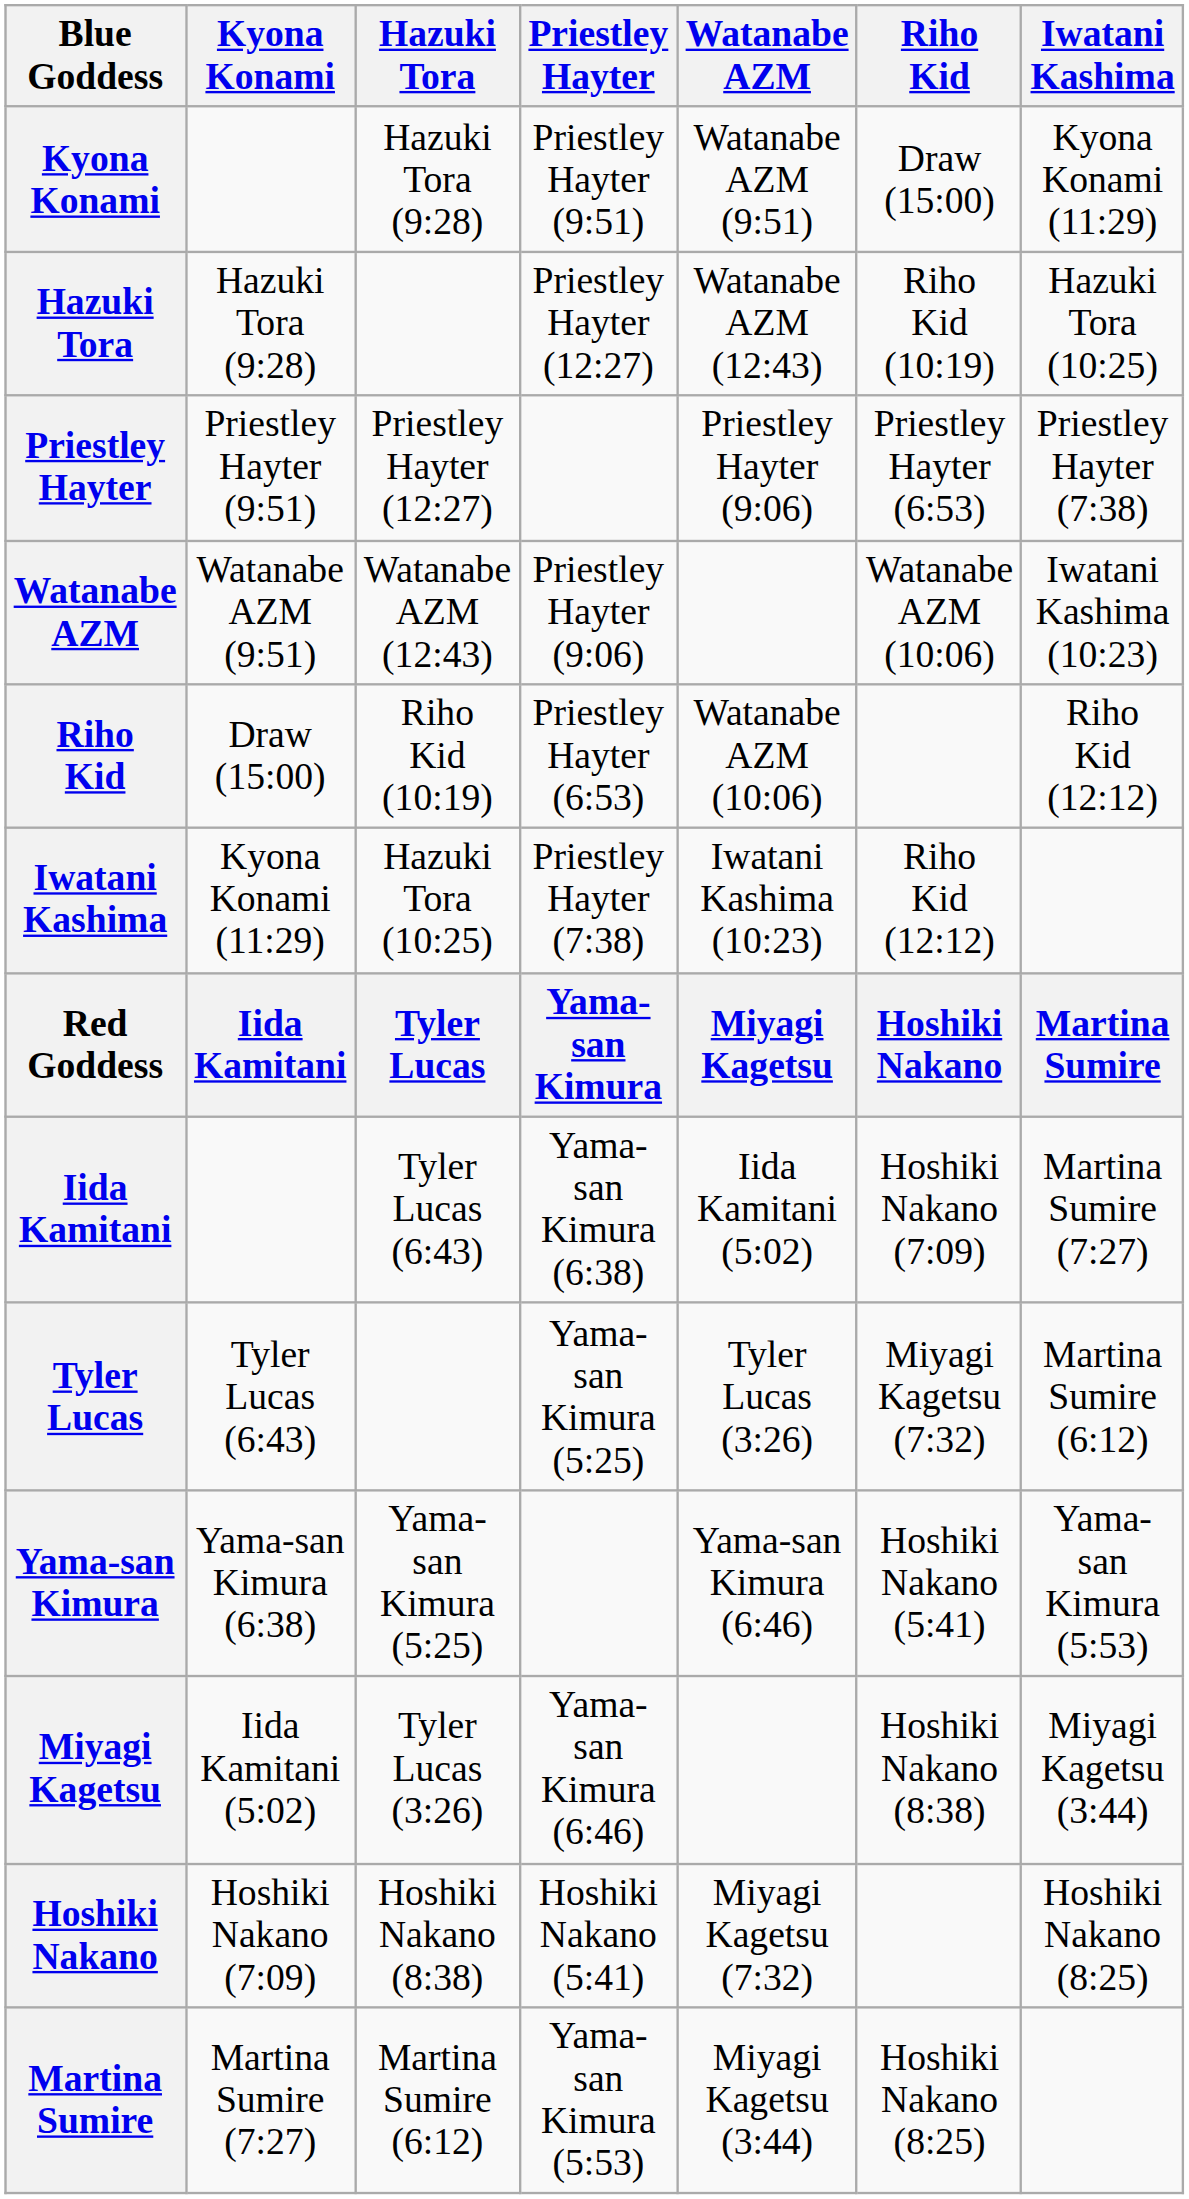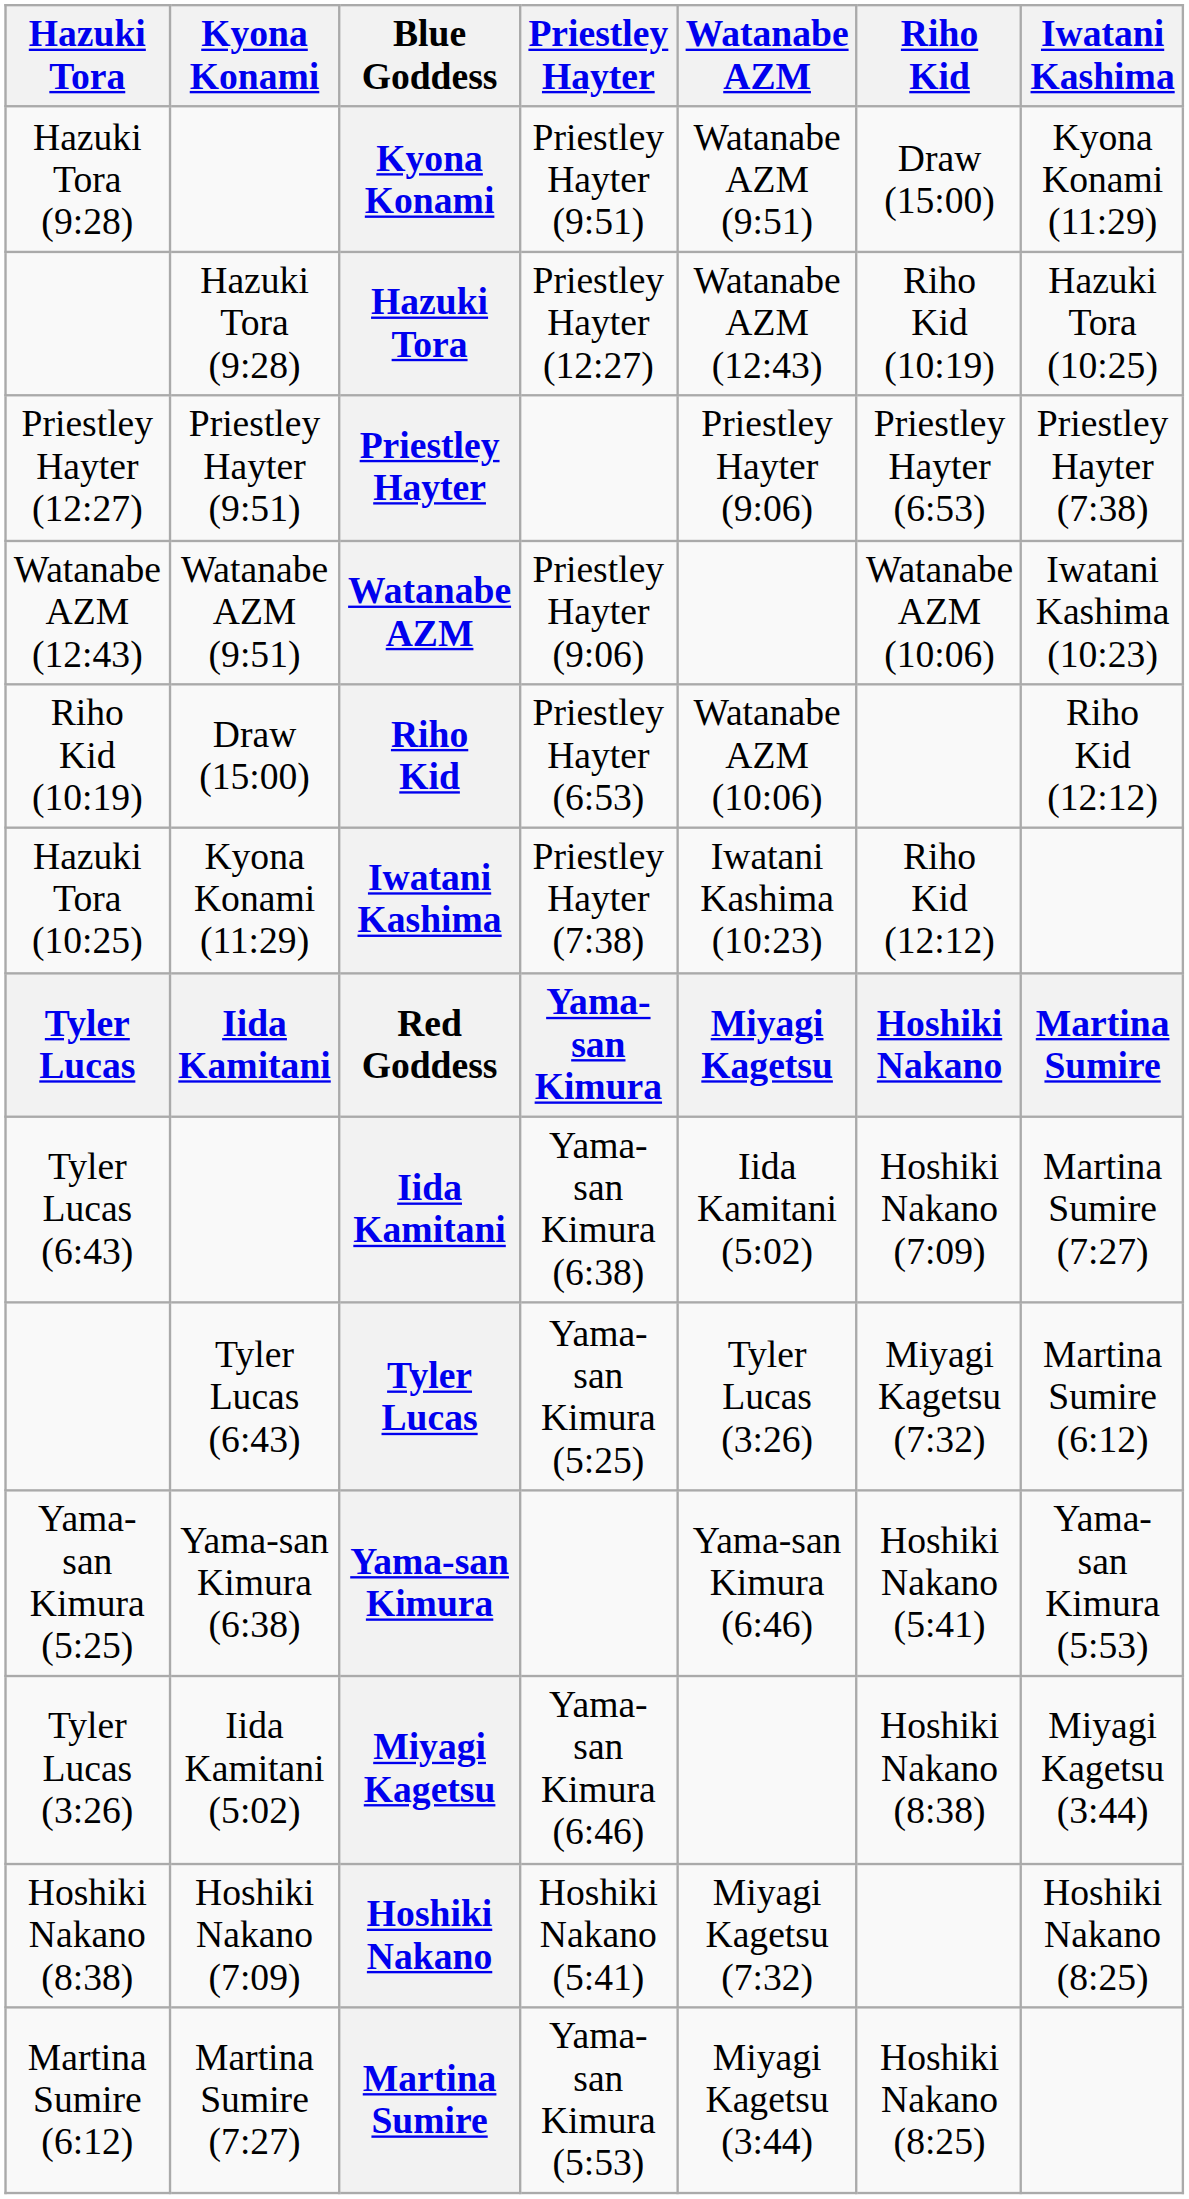 <table class="wikitable" style="text-align:center; margin: 1em auto 1em auto;" width="25%">
 <tr>
+<th><a href='#'>Hazuki</a><br><a href='#'>Tora</a></th>
+<th><a href='#'>Kyona</a><br><a href='#'>Konami</a></th>
 <th>Blue Goddess</th>
-<th><a href='#'>Kyona</a><br><a href='#'>Konami</a></th>
-<th><a href='#'>Hazuki</a><br><a href='#'>Tora</a></th>
 <th><a href='#'>Priestley</a><br><a href='#'>Hayter</a></th>
 <th><a href='#'>Watanabe</a><br><a href='#'>AZM</a></th>
 <th><a href='#'>Riho</a><br><a href='#'>Kid</a></th>
 <th><a href='#'>Iwatani</a><br><a href='#'>Kashima</a></th>
 </tr>
 <tr>
+<td>Hazuki<br>Tora<br>(9:28)</td>
+<td></td>
 <th><a href='#'>Kyona</a><br><a href='#'>Konami</a></th>
-<td></td>
-<td>Hazuki<br>Tora<br>(9:28)</td>
 <td>Priestley<br>Hayter<br>(9:51)</td>
 <td>Watanabe<br>AZM<br>(9:51)</td>
 <td>Draw<br>(15:00)</td>
 <td>Kyona<br>Konami<br>(11:29)</td>
 </tr>
 <tr>
+<td></td>
+<td>Hazuki<br>Tora<br>(9:28)</td>
 <th><a href='#'>Hazuki</a><br><a href='#'>Tora</a></th>
-<td>Hazuki<br>Tora<br>(9:28)</td>
-<td></td>
 <td>Priestley<br>Hayter<br>(12:27)</td>
 <td>Watanabe<br>AZM<br>(12:43)</td>
 <td>Riho<br>Kid<br>(10:19)</td>
 <td>Hazuki<br>Tora<br>(10:25)</td>
 </tr>
 <tr>
+<td>Priestley<br>Hayter<br>(12:27)</td>
+<td>Priestley<br>Hayter<br>(9:51)</td>
 <th><a href='#'>Priestley</a><br><a href='#'>Hayter</a></th>
-<td>Priestley<br>Hayter<br>(9:51)</td>
-<td>Priestley<br>Hayter<br>(12:27)</td>
 <td></td>
 <td>Priestley<br>Hayter<br>(9:06)</td>
 <td>Priestley<br>Hayter<br>(6:53)</td>
 <td>Priestley<br>Hayter<br>(7:38)</td>
 </tr>
 <tr>
+<td>Watanabe<br>AZM<br>(12:43)</td>
+<td>Watanabe<br>AZM<br>(9:51)</td>
 <th><a href='#'>Watanabe</a><br><a href='#'>AZM</a></th>
-<td>Watanabe<br>AZM<br>(9:51)</td>
-<td>Watanabe<br>AZM<br>(12:43)</td>
 <td>Priestley<br>Hayter<br>(9:06)</td>
 <td></td>
 <td>Watanabe<br>AZM<br>(10:06)</td>
 <td>Iwatani<br>Kashima<br>(10:23)</td>
 </tr>
 <tr>
+<td>Riho<br>Kid<br>(10:19)</td>
+<td>Draw<br>(15:00)</td>
 <th><a href='#'>Riho</a><br><a href='#'>Kid</a></th>
-<td>Draw<br>(15:00)</td>
-<td>Riho<br>Kid<br>(10:19)</td>
 <td>Priestley<br>Hayter<br>(6:53)</td>
 <td>Watanabe<br>AZM<br>(10:06)</td>
 <td></td>
 <td>Riho<br>Kid<br>(12:12)</td>
 </tr>
 <tr>
+<td>Hazuki<br>Tora<br>(10:25)</td>
+<td>Kyona<br>Konami<br>(11:29)</td>
 <th><a href='#'>Iwatani</a><br><a href='#'>Kashima</a></th>
-<td>Kyona<br>Konami<br>(11:29)</td>
-<td>Hazuki<br>Tora<br>(10:25)</td>
 <td>Priestley<br>Hayter<br>(7:38)</td>
 <td>Iwatani<br>Kashima<br>(10:23)</td>
 <td>Riho<br>Kid<br>(12:12)</td>
 <td></td>
 </tr>
 <tr>
+<th><a href='#'>Tyler</a><br><a href='#'>Lucas</a></th>
+<th><a href='#'>Iida</a><br><a href='#'>Kamitani</a></th>
 <th>Red Goddess</th>
-<th><a href='#'>Iida</a><br><a href='#'>Kamitani</a></th>
-<th><a href='#'>Tyler</a><br><a href='#'>Lucas</a></th>
 <th><a href='#'>Yama-san</a><br><a href='#'>Kimura</a></th>
 <th><a href='#'>Miyagi</a><br><a href='#'>Kagetsu</a></th>
 <th><a href='#'>Hoshiki</a><br><a href='#'>Nakano</a></th>
 <th><a href='#'>Martina</a><br><a href='#'>Sumire</a></th>
 </tr>
 <tr>
+<td>Tyler<br>Lucas<br>(6:43)</td>
+<td></td>
 <th><a href='#'>Iida</a><br><a href='#'>Kamitani</a></th>
-<td></td>
-<td>Tyler<br>Lucas<br>(6:43)</td>
 <td>Yama-san<br>Kimura<br>(6:38)</td>
 <td>Iida<br>Kamitani<br>(5:02)</td>
 <td>Hoshiki<br>Nakano<br>(7:09)</td>
 <td>Martina<br>Sumire<br>(7:27)</td>
 </tr>
 <tr>
+<td></td>
+<td>Tyler<br>Lucas<br>(6:43)</td>
 <th><a href='#'>Tyler</a><br><a href='#'>Lucas</a></th>
-<td>Tyler<br>Lucas<br>(6:43)</td>
-<td></td>
 <td>Yama-san<br>Kimura<br>(5:25)</td>
 <td>Tyler<br>Lucas<br>(3:26)</td>
 <td>Miyagi<br>Kagetsu<br>(7:32)</td>
 <td>Martina<br>Sumire<br>(6:12)</td>
 </tr>
 <tr>
+<td>Yama-san<br>Kimura<br>(5:25)</td>
+<td>Yama-san<br>Kimura<br>(6:38)</td>
 <th><a href='#'>Yama-san</a><br><a href='#'>Kimura</a></th>
-<td>Yama-san<br>Kimura<br>(6:38)</td>
-<td>Yama-san<br>Kimura<br>(5:25)</td>
 <td></td>
 <td>Yama-san<br>Kimura<br>(6:46)</td>
 <td>Hoshiki<br>Nakano<br>(5:41)</td>
 <td>Yama-san<br>Kimura<br>(5:53)</td>
 </tr>
 <tr>
+<td>Tyler<br>Lucas<br>(3:26)</td>
+<td>Iida<br>Kamitani<br>(5:02)</td>
 <th><a href='#'>Miyagi</a><br><a href='#'>Kagetsu</a></th>
-<td>Iida<br>Kamitani<br>(5:02)</td>
-<td>Tyler<br>Lucas<br>(3:26)</td>
 <td>Yama-san<br>Kimura<br>(6:46)</td>
 <td></td>
 <td>Hoshiki<br>Nakano<br>(8:38)</td>
 <td>Miyagi<br>Kagetsu<br>(3:44)</td>
 </tr>
 <tr>
+<td>Hoshiki<br>Nakano<br>(8:38)</td>
+<td>Hoshiki<br>Nakano<br>(7:09)</td>
 <th><a href='#'>Hoshiki</a><br><a href='#'>Nakano</a></th>
-<td>Hoshiki<br>Nakano<br>(7:09)</td>
-<td>Hoshiki<br>Nakano<br>(8:38)</td>
 <td>Hoshiki<br>Nakano<br>(5:41)</td>
 <td>Miyagi<br>Kagetsu<br>(7:32)</td>
 <td></td>
 <td>Hoshiki<br>Nakano<br>(8:25)</td>
 </tr>
 <tr>
+<td>Martina<br>Sumire<br>(6:12)</td>
+<td>Martina<br>Sumire<br>(7:27)</td>
 <th><a href='#'>Martina</a><br><a href='#'>Sumire</a></th>
-<td>Martina<br>Sumire<br>(7:27)</td>
-<td>Martina<br>Sumire<br>(6:12)</td>
 <td>Yama-san<br>Kimura<br>(5:53)</td>
 <td>Miyagi<br>Kagetsu<br>(3:44)</td>
 <td>Hoshiki<br>Nakano<br>(8:25)</td>
 <td></td>
 </tr>
 </table>
